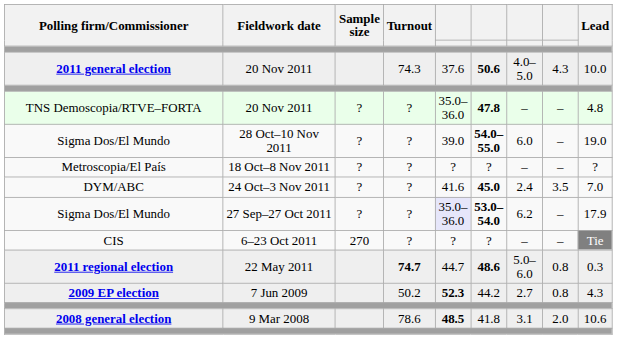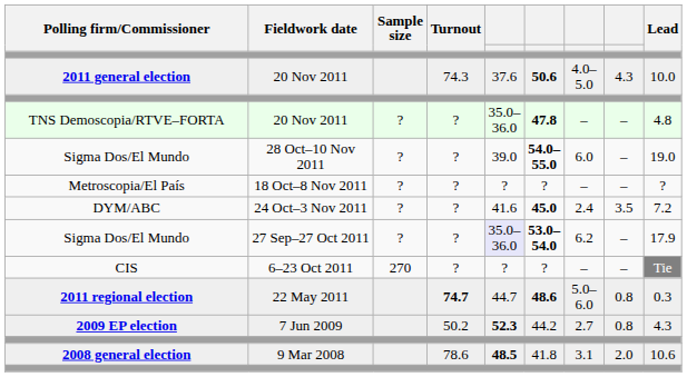 <table class="wikitable collapsible collapsed" style="text-align:center; font-size:95%; line-height:16px;">
 <tr style="height:42px;">
 <th style="width:250px;" rowspan="2">Polling firm/Commissioner</th>
 <th style="width:125px;" rowspan="2">Fieldwork date</th>
 <th style="width:50px;" rowspan="2">Sample size</th>
 <th style="width:45px;" rowspan="2">Turnout</th>
 <th style="width:35px;"></th>
 <th style="width:35px;"></th>
 <th style="width:35px;"></th>
 <th style="width:35px;"></th>
 <th style="width:30px;" rowspan="2">Lead</th>
 </tr>
 <tr>
 <th style="color:inherit;background:"></th>
 <th style="color:inherit;background:"></th>
 <th style="color:inherit;background:"></th>
 <th style="color:inherit;background:"></th>
 </tr>
 <tr>
 <td colspan="9" style="background:#A0A0A0"></td>
 </tr>
 <tr style="background:#EFEFEF;">
 <td><strong><a href='#'>2011 general election</a></strong></td>
 <td>20 Nov 2011</td>
 <td></td>
 <td>74.3</td>
 <td>37.6<br></td>
 <td><strong>50.6</strong><br></td>
 <td>4.0–<br>5.0<br></td>
 <td>4.3<br></td>
 <td style="background:">10.0</td>
 </tr>
 <tr>
 <td colspan="9" style="background:#A0A0A0"></td>
 </tr>
 <tr style="background:#EAFFEA;">
 <td>TNS Demoscopia/RTVE–FORTA</td>
 <td>20 Nov 2011</td>
 <td>?</td>
 <td>?</td>
 <td>35.0–<br>36.0<br></td>
 <td><strong>47.8</strong><br></td>
 <td>–</td>
 <td>–</td>
 <td style="background:">4.8</td>
 </tr>
 <tr>
 <td>Sigma Dos/El Mundo</td>
 <td>28 Oct–10 Nov 2011</td>
 <td>?</td>
 <td>?</td>
 <td>39.0<br></td>
 <td><strong>54.0–<br>55.0</strong><br></td>
 <td>6.0<br></td>
 <td>–</td>
 <td style="background:">19.0</td>
 </tr>
 <tr>
 <td>Metroscopia/El País</td>
 <td>18 Oct–8 Nov 2011</td>
 <td>?</td>
 <td>?</td>
 <td>?<br></td>
 <td>?<br></td>
 <td>–</td>
 <td>–</td>
 <td style="background:">?</td>
 </tr>
 <tr>
 <td>DYM/ABC</td>
 <td>24 Oct–3 Nov 2011</td>
 <td>?</td>
 <td>?</td>
 <td>41.6<br></td>
 <td><strong>45.0</strong><br></td>
 <td>2.4<br></td>
 <td>3.5<br></td>
-<td style="background:">7.0</td>
+<td style="background:">7.2</td>
 </tr>
 <tr>
 <td>Sigma Dos/El Mundo</td>
 <td>27 Sep–27 Oct 2011</td>
 <td>?</td>
 <td>?</td>
 <td style="background: lavender;">35.0–<br>36.0<br></td>
 <td><strong>53.0–<br>54.0</strong><br></td>
 <td>6.2<br></td>
 <td>–</td>
 <td style="background:">17.9</td>
 </tr>
 <tr>
 <td>CIS</td>
 <td>6–23 Oct 2011</td>
 <td>270</td>
 <td>?</td>
 <td>?<br></td>
 <td>?<br></td>
 <td>–</td>
 <td>–</td>
 <td style="background:gray; color:white;">Tie</td>
 </tr>
 <tr style="background:#EFEFEF;">
 <td><strong><a href='#'>2011 regional election</a></strong></td>
 <td>22 May 2011</td>
 <td></td>
 <td><strong>74.7</strong></td>
 <td>44.7<br></td>
 <td><strong>48.6</strong><br></td>
 <td>5.0–<br>6.0<br></td>
 <td>0.8<br></td>
 <td style="background:">0.3</td>
 </tr>
 <tr style="background:#EFEFEF;">
 <td><strong><a href='#'>2009 EP election</a></strong></td>
 <td>7 Jun 2009</td>
 <td></td>
 <td>50.2</td>
 <td><strong>52.3</strong><br></td>
 <td>44.2<br></td>
 <td>2.7<br></td>
 <td>0.8<br></td>
 <td style="background:">4.3</td>
 </tr>
 <tr>
 <td colspan="9" style="background:#A0A0A0"></td>
 </tr>
 <tr style="background:#EFEFEF;">
 <td><strong><a href='#'>2008 general election</a></strong></td>
 <td>9 Mar 2008</td>
 <td></td>
 <td>78.6</td>
 <td><strong>48.5</strong><br></td>
 <td>41.8<br></td>
 <td>3.1<br></td>
 <td>2.0<br></td>
 <td style="background:">10.6</td>
 </tr>
 <tr>
 <td colspan="9" style="background:#A0A0A0"></td>
 </tr>
 </table>
